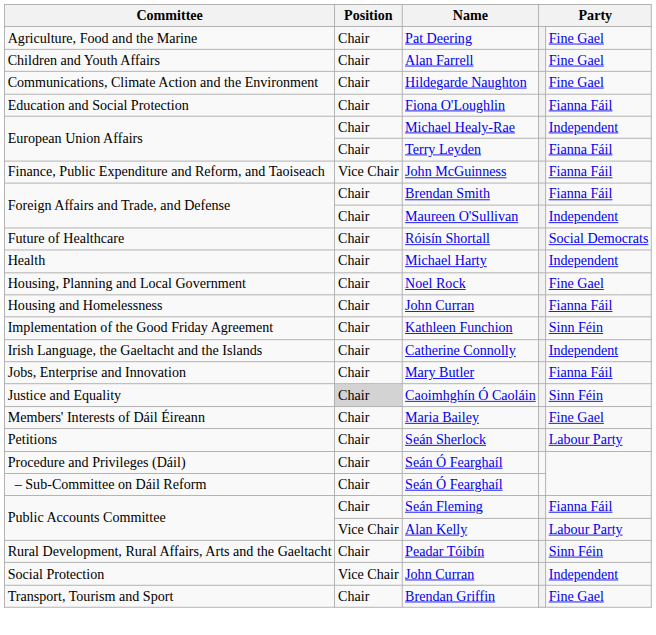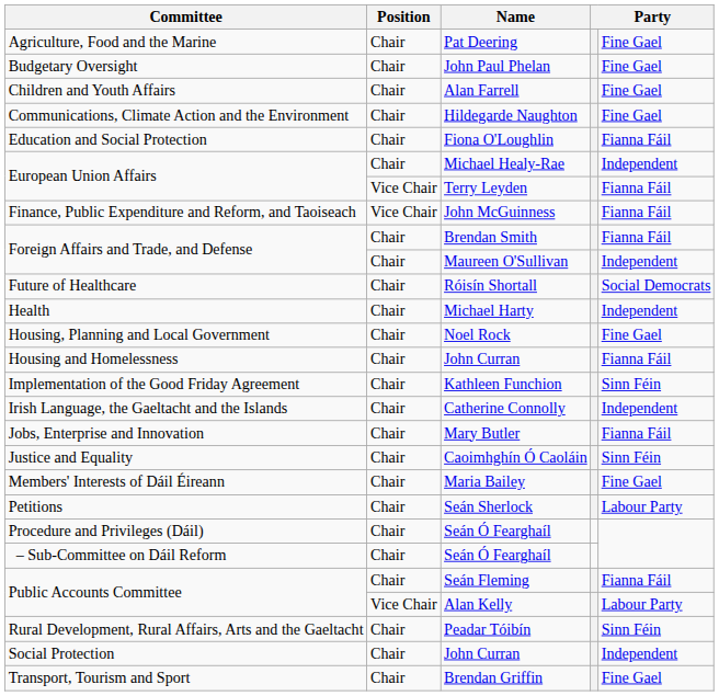 <table class="wikitable">
 <tr>
 <th>Committee</th>
 <th>Position</th>
 <th>Name</th>
 <th colspan="2">Party</th>
 </tr>
 <tr>
 <td>Agriculture, Food and the Marine</td>
 <td>Chair</td>
 <td><a href='#'>Pat Deering</a></td>
+<th style="background-color: "></th>
+<td><a href='#'>Fine Gael</a></td>
+</tr>
+<tr>
+<td>Budgetary Oversight</td>
+<td>Chair</td>
+<td><a href='#'>John Paul Phelan</a></td>
 <th style="background-color: "></th>
 <td><a href='#'>Fine Gael</a></td>
 </tr>
 <tr>
 <td>Children and Youth Affairs</td>
 <td>Chair</td>
 <td><a href='#'>Alan Farrell</a></td>
 <th style="background-color: "></th>
 <td><a href='#'>Fine Gael</a></td>
 </tr>
 <tr>
 <td>Communications, Climate Action and the Environment</td>
 <td>Chair</td>
 <td><a href='#'>Hildegarde Naughton</a></td>
 <th style="background-color: "></th>
 <td><a href='#'>Fine Gael</a></td>
 </tr>
 <tr>
 <td>Education and Social Protection</td>
 <td>Chair</td>
 <td><a href='#'>Fiona O'Loughlin</a></td>
 <th style="background-color: "></th>
 <td><a href='#'>Fianna Fáil</a></td>
 </tr>
 <tr>
 <td rowspan=2>European Union Affairs</td>
 <td>Chair</td>
 <td><a href='#'>Michael Healy-Rae</a></td>
 <th style="background-color: "></th>
 <td><a href='#'>Independent</a></td>
 </tr>
 <tr>
-<td>Chair</td>
+<td>Vice Chair</td>
 <td><a href='#'>Terry Leyden</a></td>
 <th style="background-color: "></th>
 <td><a href='#'>Fianna Fáil</a></td>
 </tr>
 <tr>
 <td>Finance, Public Expenditure and Reform, and Taoiseach</td>
 <td>Vice Chair</td>
 <td><a href='#'>John McGuinness</a></td>
 <th style="background-color: "></th>
 <td><a href='#'>Fianna Fáil</a></td>
 </tr>
 <tr>
 <td rowspan=2>Foreign Affairs and Trade, and Defense</td>
 <td>Chair</td>
 <td><a href='#'>Brendan Smith</a></td>
 <th style="background-color: "></th>
 <td><a href='#'>Fianna Fáil</a></td>
 </tr>
 <tr>
 <td>Chair</td>
 <td><a href='#'>Maureen O'Sullivan</a></td>
 <th style="background-color: "></th>
 <td><a href='#'>Independent</a></td>
 </tr>
 <tr>
 <td>Future of Healthcare</td>
 <td>Chair</td>
 <td><a href='#'>Róisín Shortall</a></td>
 <th style="background-color: "></th>
 <td><a href='#'>Social Democrats</a></td>
 </tr>
 <tr>
 <td>Health</td>
 <td>Chair</td>
 <td><a href='#'>Michael Harty</a></td>
 <th style="background-color: "></th>
 <td><a href='#'>Independent</a></td>
 </tr>
 <tr>
 <td>Housing, Planning and Local Government</td>
 <td>Chair</td>
 <td><a href='#'>Noel Rock</a></td>
 <th style="background-color: "></th>
 <td><a href='#'>Fine Gael</a></td>
 </tr>
 <tr>
 <td>Housing and Homelessness</td>
 <td>Chair</td>
 <td><a href='#'>John Curran</a></td>
 <th style="background-color: "></th>
 <td><a href='#'>Fianna Fáil</a></td>
 </tr>
 <tr>
 <td>Implementation of the Good Friday Agreement</td>
 <td>Chair</td>
 <td><a href='#'>Kathleen Funchion</a></td>
 <th style="background-color: "></th>
 <td><a href='#'>Sinn Féin</a></td>
 </tr>
 <tr>
 <td>Irish Language, the Gaeltacht and the Islands</td>
 <td>Chair</td>
 <td><a href='#'>Catherine Connolly</a></td>
 <th style="background-color: "></th>
 <td><a href='#'>Independent</a></td>
 </tr>
 <tr>
 <td>Jobs, Enterprise and Innovation</td>
 <td>Chair</td>
 <td><a href='#'>Mary Butler</a></td>
 <th style="background-color: "></th>
 <td><a href='#'>Fianna Fáil</a></td>
 </tr>
 <tr>
 <td>Justice and Equality</td>
-<td style="background: lightgrey;">Chair</td>
+<td>Chair</td>
 <td><a href='#'>Caoimhghín Ó Caoláin</a></td>
 <th style="background-color: "></th>
 <td><a href='#'>Sinn Féin</a></td>
 </tr>
 <tr>
 <td>Members' Interests of Dáil Éireann</td>
 <td>Chair</td>
 <td><a href='#'>Maria Bailey</a></td>
 <th style="background-color: "></th>
 <td><a href='#'>Fine Gael</a></td>
 </tr>
 <tr>
 <td>Petitions</td>
 <td>Chair</td>
 <td><a href='#'>Seán Sherlock</a></td>
 <th style="background-color: "></th>
 <td><a href='#'>Labour Party</a></td>
 </tr>
 <tr>
 <td>Procedure and Privileges (Dáil)</td>
 <td>Chair</td>
 <td><a href='#'>Seán Ó Fearghaíl</a></td>
 <td></td>
 </tr>
 <tr>
 <td>  – Sub-Committee on Dáil Reform</td>
 <td>Chair</td>
 <td><a href='#'>Seán Ó Fearghaíl</a></td>
 <td></td>
 </tr>
 <tr>
 <td rowspan=2>Public Accounts Committee</td>
 <td>Chair</td>
 <td><a href='#'>Seán Fleming</a></td>
 <th style="background-color: "></th>
 <td><a href='#'>Fianna Fáil</a></td>
 </tr>
 <tr>
 <td>Vice Chair</td>
 <td><a href='#'>Alan Kelly</a></td>
 <th style="background-color: "></th>
 <td><a href='#'>Labour Party</a></td>
 </tr>
 <tr>
 <td>Rural Development, Rural Affairs, Arts and the Gaeltacht</td>
 <td>Chair</td>
 <td><a href='#'>Peadar Tóibín</a></td>
 <th style="background-color: "></th>
 <td><a href='#'>Sinn Féin</a></td>
 </tr>
 <tr>
 <td>Social Protection</td>
-<td>Vice Chair</td>
+<td>Chair</td>
 <td><a href='#'>John Curran</a></td>
 <th style="background-color: "></th>
 <td><a href='#'>Independent</a></td>
 </tr>
 <tr>
 <td>Transport, Tourism and Sport</td>
 <td>Chair</td>
 <td><a href='#'>Brendan Griffin</a></td>
 <th style="background-color: "></th>
 <td><a href='#'>Fine Gael</a></td>
 </tr>
 </table>
